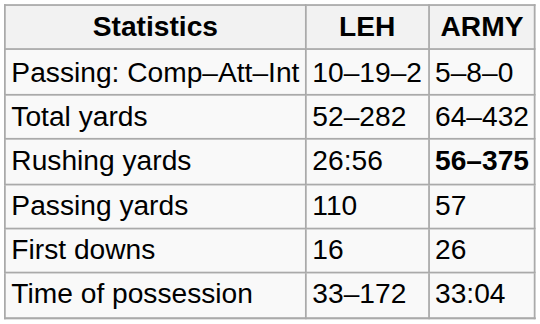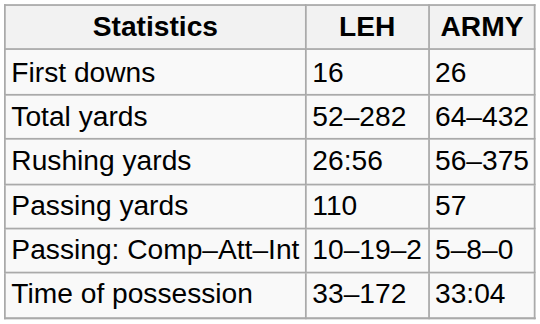 <table class="wikitable" style="float: left;">
 <tr>
 <th>Statistics</th>
 <th>LEH</th>
 <th>ARMY</th>
 </tr>
 <tr>
-<td>Passing: Comp–Att–Int</td>
-<td>10–19–2</td>
-<td>5–8–0</td>
+<td>First downs</td>
+<td>16</td>
+<td>26</td>
 </tr>
 <tr>
 <td>Total yards</td>
 <td>52–282</td>
 <td>64–432</td>
 </tr>
 <tr>
 <td>Rushing yards</td>
 <td>26:56</td>
-<td><strong>56–375</strong></td>
+<td>56–375</td>
 </tr>
 <tr>
 <td>Passing yards</td>
 <td>110</td>
 <td>57</td>
 </tr>
 <tr>
-<td>First downs</td>
-<td>16</td>
-<td>26</td>
+<td>Passing: Comp–Att–Int</td>
+<td>10–19–2</td>
+<td>5–8–0</td>
 </tr>
 <tr>
 <td>Time of possession</td>
 <td>33–172</td>
 <td>33:04</td>
 </tr>
 <tr>
 </tr>
 </table>
